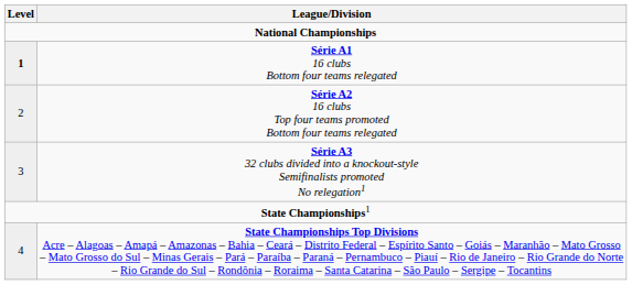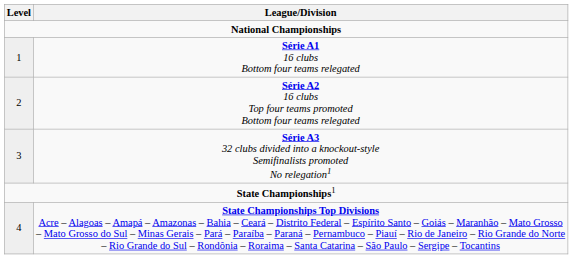 <table align="center" class="wikitable">
 <tr style="background:#efefef;">
 <th>Level</th>
 <th>League/Division</th>
 </tr>
 <tr>
 <td colspan=2 style="text-align:center;"><strong>National Championships</strong></td>
 </tr>
 <tr>
-<td align="center" style="background:#efefef;"><strong>1</strong></td>
+<td align="center" style="background:#efefef;">1</td>
 <td align="center"><strong><a href='#'>Série A1</a></strong><br><em>16 clubs</em><br><em>Bottom four teams relegated</em></td>
 </tr>
 <tr>
 <td align="center" style="background:#efefef;">2</td>
 <td align="center"><strong><a href='#'>Série A2</a></strong><br><em>16 clubs</em><br><em>Top four teams promoted</em><br><em>Bottom four teams relegated</em></td>
 </tr>
 <tr>
 <td align="center" style="background:#efefef;">3</td>
 <td align="center"><strong><a href='#'>Série A3</a></strong><br><em>32 clubs divided into a knockout-style</em><br><em>Semifinalists promoted</em><br><em>No relegation<sup>1</sup></td>
 </tr>
 <tr>
 <td colspan=2 style="text-align:center;"><strong>State Championships</strong><sup>1</sup></td>
 </tr>
 <tr>
 <td align="center" style="background:#efefef;">4</td>
 <td align="center"><strong><a href='#'>State Championships Top Divisions</a> </strong><br><a href='#'>Acre</a> – <a href='#'>Alagoas</a> – <a href='#'>Amapá</a> – <a href='#'>Amazonas</a> – <a href='#'>Bahia</a> – <a href='#'>Ceará</a> – <a href='#'>Distrito Federal</a> – <a href='#'>Espírito Santo</a> – <a href='#'>Goiás</a> – <a href='#'>Maranhão</a> – <a href='#'>Mato Grosso</a> – <a href='#'>Mato Grosso do Sul</a> – <a href='#'>Minas Gerais</a> – <a href='#'>Pará</a> – <a href='#'>Paraíba</a> – <a href='#'>Paraná</a> – <a href='#'>Pernambuco</a> – <a href='#'>Piauí</a> – <a href='#'>Rio de Janeiro</a> – <a href='#'>Rio Grande do Norte</a> – <a href='#'>Rio Grande do Sul</a> – <a href='#'>Rondônia</a> – <a href='#'>Roraima</a> – <a href='#'>Santa Catarina</a> – <a href='#'>São Paulo</a> – <a href='#'>Sergipe</a> – <a href='#'>Tocantins</a></td>
 </tr>
 </table>
